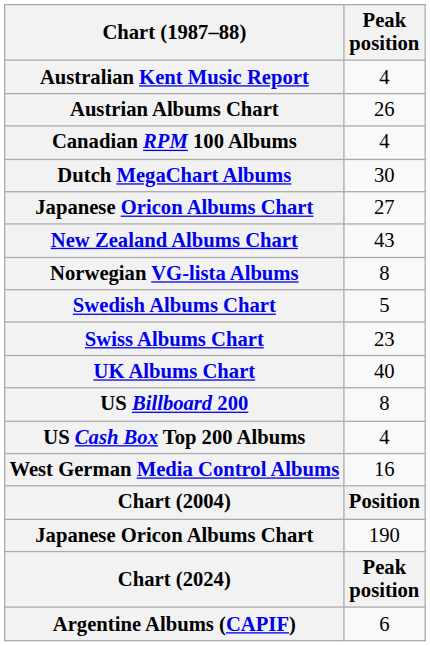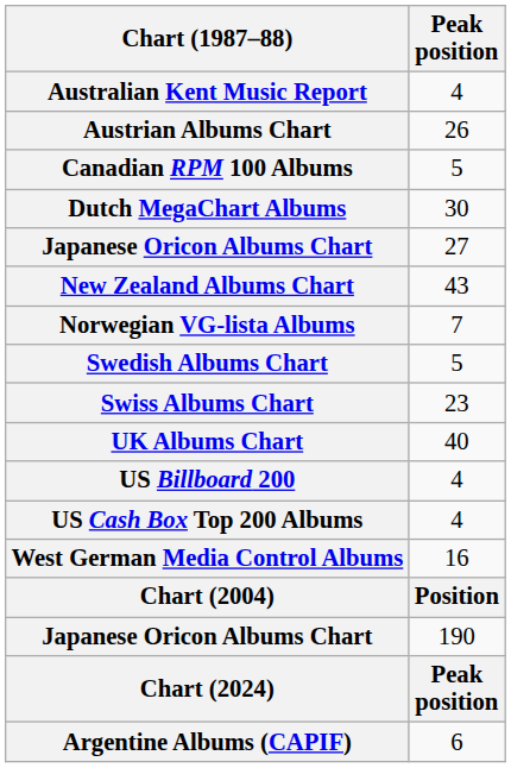 <table class="wikitable sortable plainrowheaders" style="text-align:center;">
 <tr>
 <th scope="col">Chart (1987–88)</th>
 <th scope="col">Peak<br>position</th>
 </tr>
 <tr>
 <th scope="row">Australian <a href='#'>Kent Music Report</a></th>
 <td>4</td>
 </tr>
 <tr>
 <th scope="row">Austrian Albums Chart</th>
 <td>26</td>
 </tr>
 <tr>
 <th scope="row">Canadian <em><a href='#'>RPM</a></em> 100 Albums</th>
-<td>4</td>
+<td>5</td>
 </tr>
 <tr>
 <th scope="row">Dutch <a href='#'>MegaChart Albums</a></th>
 <td>30</td>
 </tr>
 <tr>
 <th scope="row">Japanese <a href='#'>Oricon Albums Chart</a></th>
 <td>27</td>
 </tr>
 <tr>
 <th scope="row"><a href='#'>New Zealand Albums Chart</a></th>
 <td>43</td>
 </tr>
 <tr>
 <th scope="row">Norwegian <a href='#'>VG-lista Albums</a></th>
-<td>8</td>
+<td>7</td>
 </tr>
 <tr>
 <th scope="row"><a href='#'>Swedish Albums Chart</a></th>
 <td>5</td>
 </tr>
 <tr>
 <th scope="row"><a href='#'>Swiss Albums Chart</a></th>
 <td>23</td>
 </tr>
 <tr>
 <th scope="row"><a href='#'>UK Albums Chart</a></th>
 <td>40</td>
 </tr>
 <tr>
 <th scope="row">US <a href='#'><em>Billboard</em> 200</a></th>
-<td>8</td>
+<td>4</td>
 </tr>
 <tr>
 <th scope="row">US <em><a href='#'>Cash Box</a></em> Top 200 Albums</th>
 <td>4</td>
 </tr>
 <tr>
 <th scope="row">West German <a href='#'>Media Control Albums</a></th>
 <td>16</td>
 </tr>
 <tr>
 <th scope="col">Chart (2004)</th>
 <th scope="col">Position</th>
 </tr>
 <tr>
 <th scope="row">Japanese Oricon Albums Chart</th>
 <td>190</td>
 </tr>
 <tr>
 <th scope="col">Chart (2024)</th>
 <th scope="col">Peak<br>position</th>
 </tr>
 <tr>
 <th scope="row">Argentine Albums (<a href='#'>CAPIF</a>)</th>
 <td>6</td>
 </tr>
 </table>
